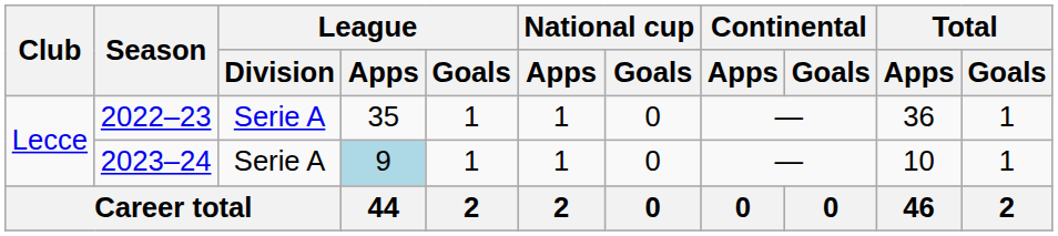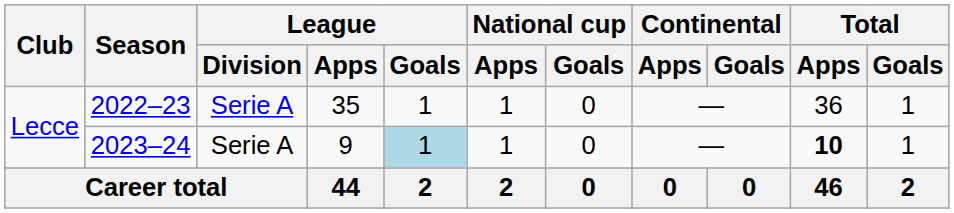 <table class="wikitable" style="text-align:center">
 <tr>
 <th rowspan="2">Club</th>
 <th rowspan="2">Season</th>
 <th colspan="3">League</th>
 <th colspan="2">National cup</th>
 <th colspan="2">Continental</th>
 <th colspan="2">Total</th>
 </tr>
 <tr>
 <th>Division</th>
 <th>Apps</th>
 <th>Goals</th>
 <th>Apps</th>
 <th>Goals</th>
 <th>Apps</th>
 <th>Goals</th>
 <th>Apps</th>
 <th>Goals</th>
 </tr>
 <tr>
 <td rowspan="2"><a href='#'>Lecce</a></td>
 <td><a href='#'>2022–23</a></td>
 <td><a href='#'>Serie A</a></td>
 <td>35</td>
 <td>1</td>
 <td>1</td>
 <td>0</td>
 <td colspan="2">—</td>
 <td>36</td>
 <td>1</td>
 </tr>
 <tr>
 <td><a href='#'>2023–24</a></td>
 <td>Serie A</td>
-<td style="background: lightblue;">9</td>
-<td>1</td>
+<td>9</td>
+<td style="background: lightblue;">1</td>
 <td>1</td>
 <td>0</td>
 <td colspan="2">—</td>
-<td>10</td>
+<td><strong>10</strong></td>
 <td>1</td>
 </tr>
 <tr>
 <th colspan="3">Career total</th>
 <th>44</th>
 <th>2</th>
 <th>2</th>
 <th>0</th>
 <th>0</th>
 <th>0</th>
 <th>46</th>
 <th>2</th>
 </tr>
 </table>
